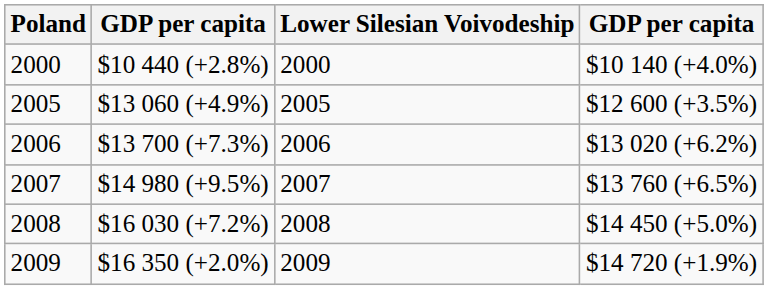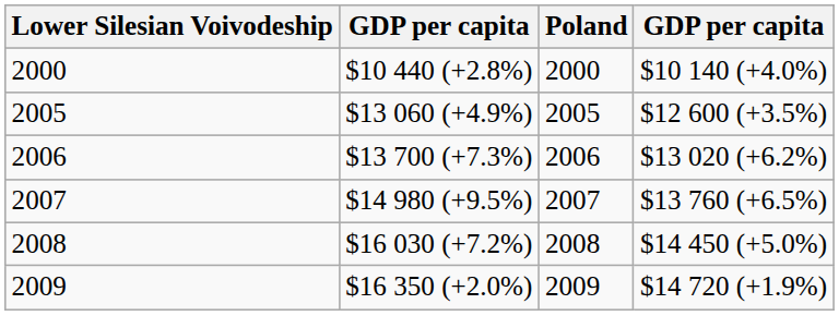 <table class="wikitable">
 <tr>
+<th>Lower Silesian Voivodeship</th>
+<th>GDP per capita</th>
 <th>Poland</th>
-<th>GDP per capita</th>
-<th>Lower Silesian Voivodeship</th>
 <th>GDP per capita</th>
 </tr>
 <tr>
 <td>2000</td>
 <td>$10 440 (+2.8%)</td>
 <td>2000</td>
 <td>$10 140 (+4.0%)</td>
 </tr>
 <tr>
 <td>2005</td>
 <td>$13 060 (+4.9%)</td>
 <td>2005</td>
 <td>$12 600 (+3.5%)</td>
 </tr>
 <tr>
 <td>2006</td>
 <td>$13 700 (+7.3%)</td>
 <td>2006</td>
 <td>$13 020 (+6.2%)</td>
 </tr>
 <tr>
 <td>2007</td>
 <td>$14 980 (+9.5%)</td>
 <td>2007</td>
 <td>$13 760 (+6.5%)</td>
 </tr>
 <tr>
 <td>2008</td>
 <td>$16 030 (+7.2%)</td>
 <td>2008</td>
 <td>$14 450 (+5.0%)</td>
 </tr>
 <tr>
 <td>2009</td>
 <td>$16 350 (+2.0%)</td>
 <td>2009</td>
 <td>$14 720 (+1.9%)</td>
 </tr>
 </table>
